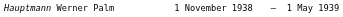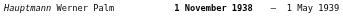 <table>
 <tr>
 <th style="width: 250px;"></th>
 <th style="width: 140px;"></th>
 <th style="width: 20px;"></th>
 <th style="width: 140px;"></th>
 </tr>
 <tr>
 <td><em>Hauptmann</em> Werner Palm</td>
-<td>1 November 1938</td>
+<td><strong>1 November 1938</strong></td>
 <td>–</td>
 <td>1 May 1939</td>
 </tr>
 </table>
